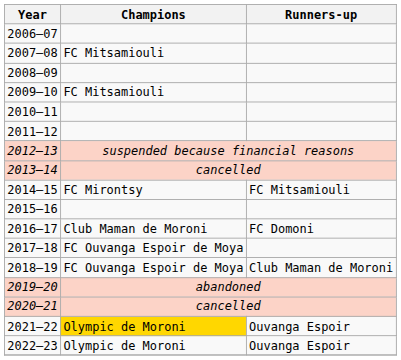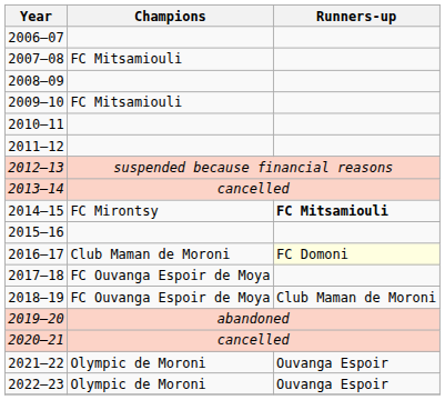 <table class="wikitable">
 <tr>
 <th>Year</th>
 <th>Champions</th>
 <th>Runners-up</th>
 </tr>
 <tr>
 <td>2006–07</td>
 <td></td>
 <td></td>
 </tr>
 <tr>
 <td>2007–08</td>
 <td>FC Mitsamiouli</td>
 <td></td>
 </tr>
 <tr>
 <td>2008–09</td>
 <td></td>
 <td></td>
 </tr>
 <tr>
 <td>2009–10</td>
 <td>FC Mitsamiouli</td>
 <td></td>
 </tr>
 <tr>
 <td>2010–11</td>
 <td></td>
 <td></td>
 </tr>
 <tr>
 <td>2011–12</td>
 <td></td>
 <td></td>
 </tr>
 <tr bgcolor=#fcd3c7>
 <td><em>2012–13</em></td>
 <td align=center colspan=2><em>suspended because financial reasons</em></td>
 </tr>
 <tr bgcolor=#fcd3c7>
 <td><em>2013–14</em></td>
 <td align=center colspan=2><em>cancelled</em></td>
 </tr>
 <tr>
 <td>2014–15</td>
 <td>FC Mirontsy</td>
-<td>FC Mitsamiouli</td>
+<td><strong>FC Mitsamiouli</strong></td>
 </tr>
 <tr>
 <td>2015–16</td>
 <td></td>
 <td></td>
 </tr>
 <tr>
 <td>2016–17</td>
 <td>Club Maman de Moroni</td>
-<td>FC Domoni</td>
+<td style="background: lightyellow;">FC Domoni</td>
 </tr>
 <tr>
 <td>2017–18</td>
 <td>FC Ouvanga Espoir de Moya</td>
 <td></td>
 </tr>
 <tr>
 <td>2018–19</td>
 <td>FC Ouvanga Espoir de Moya</td>
 <td>Club Maman de Moroni</td>
 </tr>
 <tr bgcolor=#fcd3c7>
 <td><em>2019–20</em></td>
 <td align=center colspan=2><em>abandoned </em></td>
 </tr>
 <tr bgcolor=#fcd3c7>
 <td><em>2020–21</em></td>
 <td align=center colspan=2><em>cancelled</em></td>
 </tr>
 <tr>
 <td>2021–22</td>
-<td style="background: gold;">Olympic de Moroni</td>
+<td>Olympic de Moroni</td>
 <td>Ouvanga Espoir</td>
 </tr>
 <tr>
 <td>2022–23</td>
 <td>Olympic de Moroni</td>
 <td>Ouvanga Espoir</td>
 </tr>
 <tr>
 </tr>
 </table>
